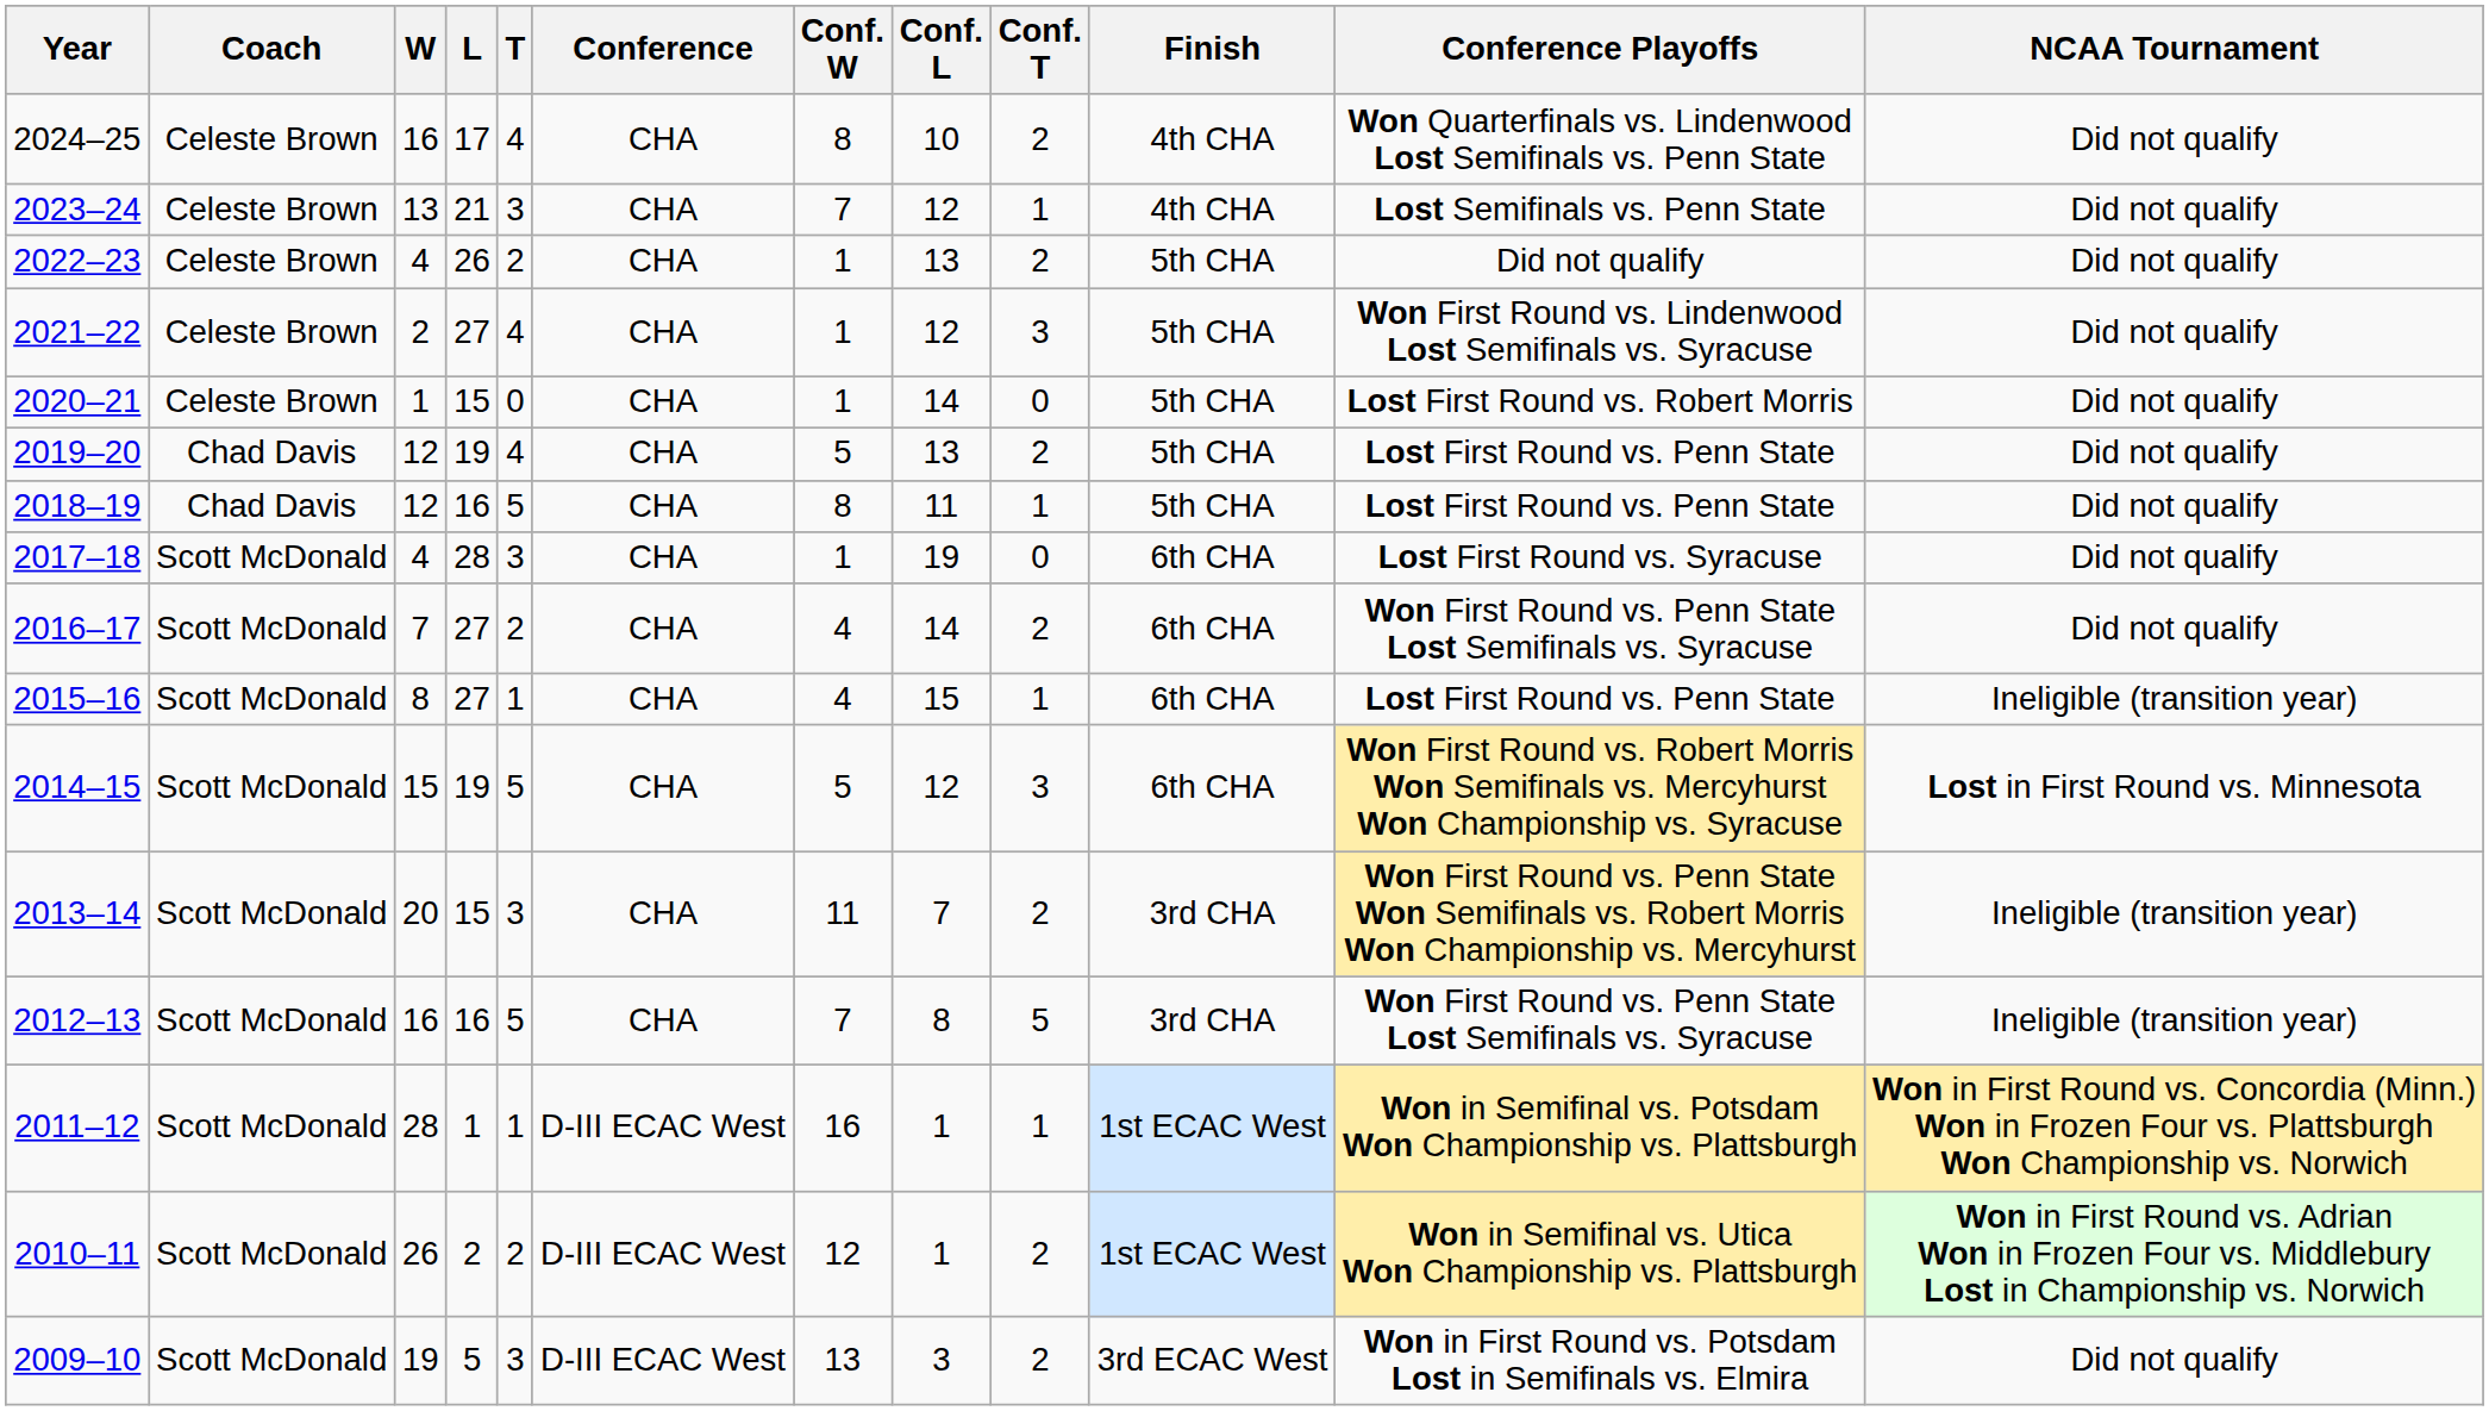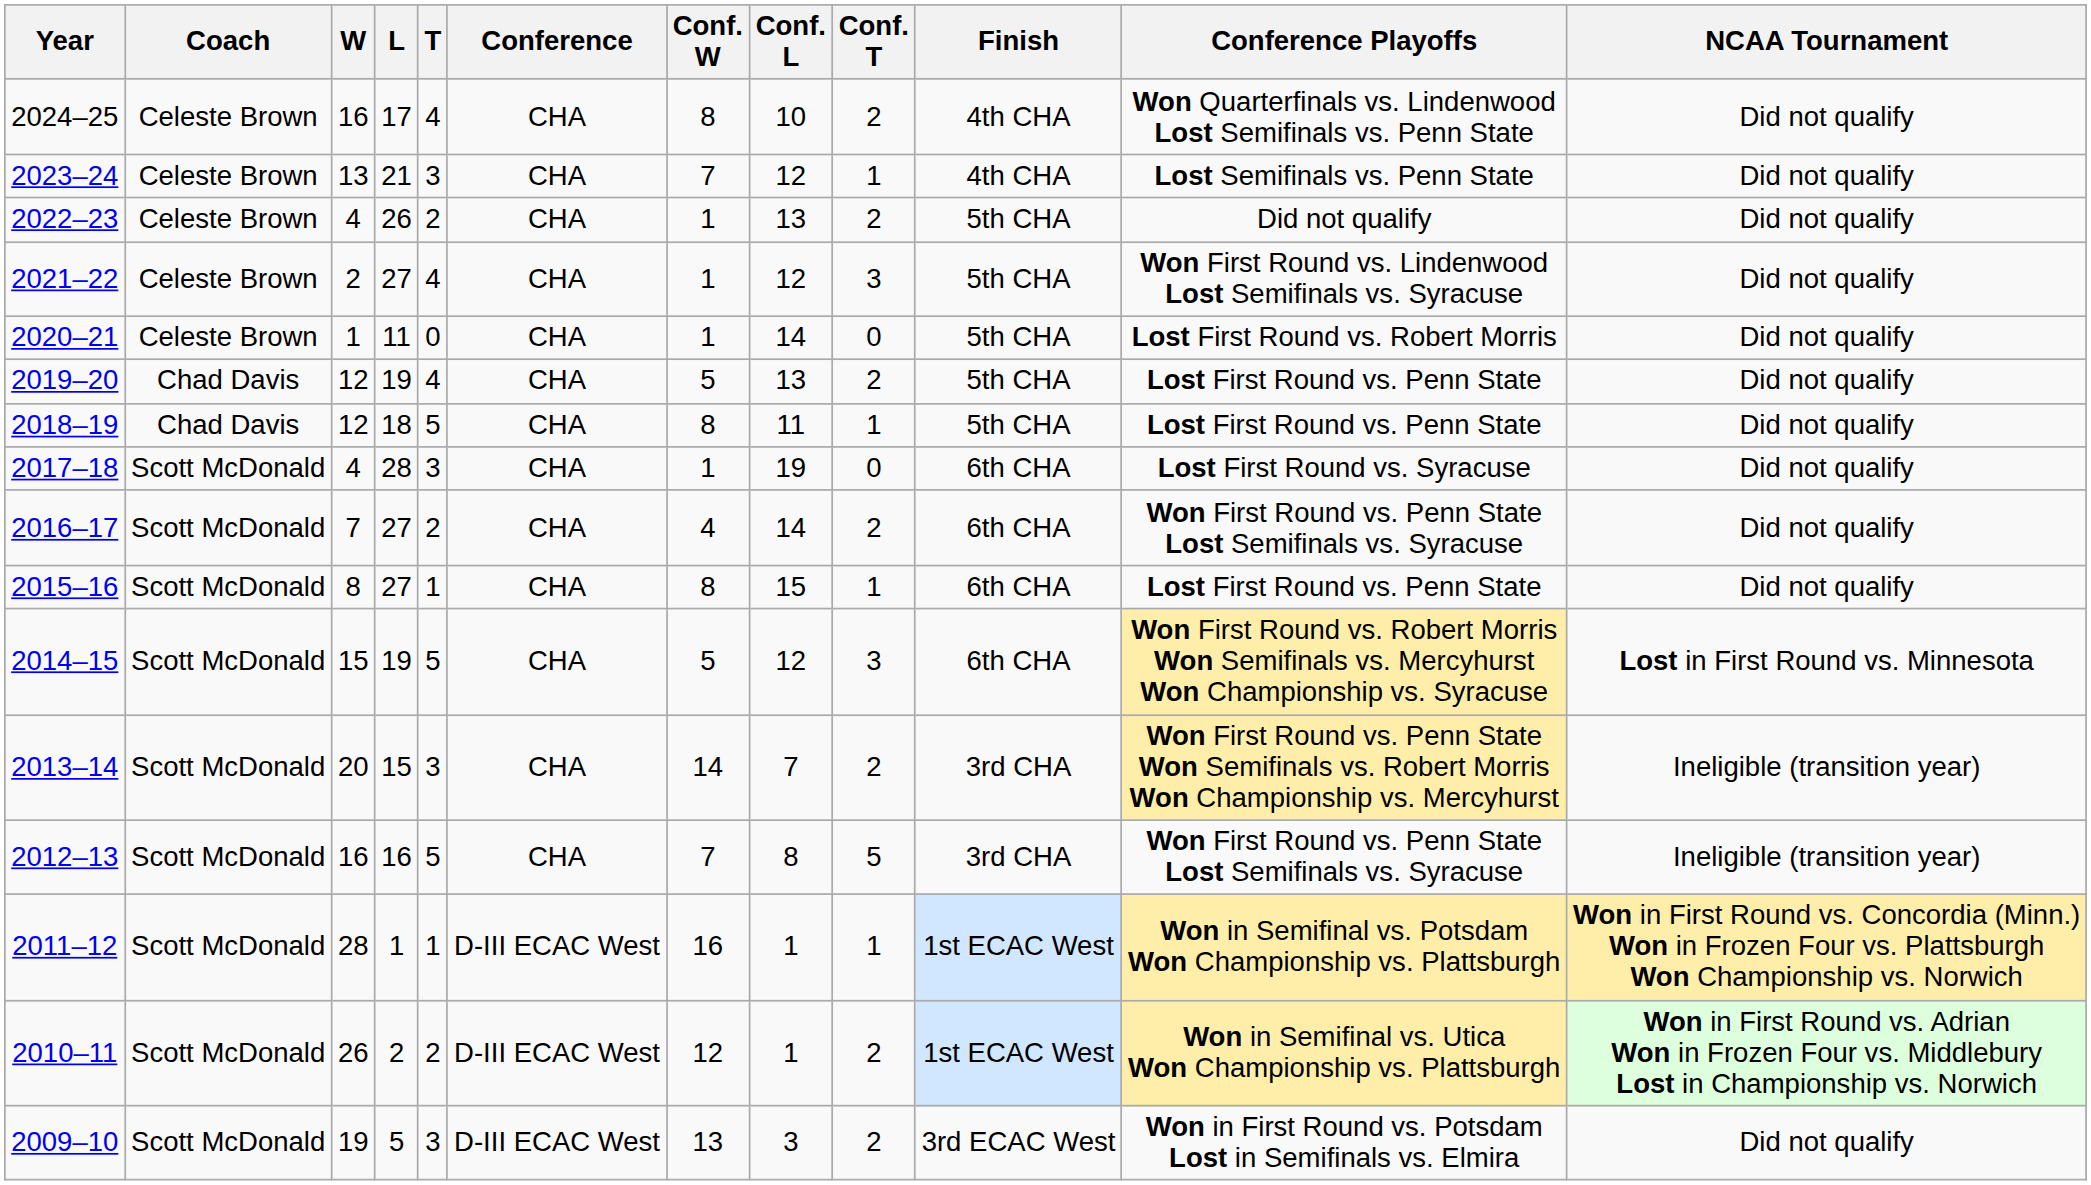 <table class="wikitable" style="text-align:center;">
 <tr align="center">
 <th>Year</th>
 <th>Coach</th>
 <th>W</th>
 <th>L</th>
 <th>T</th>
 <th>Conference</th>
 <th>Conf.<br>W</th>
 <th>Conf.<br>L</th>
 <th>Conf.<br>T</th>
 <th>Finish</th>
 <th>Conference Playoffs</th>
 <th>NCAA Tournament</th>
 </tr>
 <tr>
 <td>2024–25</td>
 <td>Celeste Brown</td>
 <td>16</td>
 <td>17</td>
 <td>4</td>
 <td>CHA</td>
 <td>8</td>
 <td>10</td>
 <td>2</td>
 <td>4th CHA</td>
 <td><strong>Won</strong> Quarterfinals vs. Lindenwood  <br> <strong>Lost</strong> Semifinals vs. Penn State </td>
 <td>Did not qualify</td>
 </tr>
 <tr bgcolor="">
 <td><a href='#'>2023–24</a></td>
 <td>Celeste Brown</td>
 <td>13</td>
 <td>21</td>
 <td>3</td>
 <td>CHA</td>
 <td>7</td>
 <td>12</td>
 <td>1</td>
 <td>4th CHA</td>
 <td><strong>Lost</strong> Semifinals vs. Penn State </td>
 <td>Did not qualify</td>
 </tr>
 <tr bgcolor="">
 <td><a href='#'>2022–23</a></td>
 <td>Celeste Brown</td>
 <td>4</td>
 <td>26</td>
 <td>2</td>
 <td>CHA</td>
 <td>1</td>
 <td>13</td>
 <td>2</td>
 <td>5th CHA</td>
 <td>Did not qualify</td>
 <td>Did not qualify</td>
 </tr>
 <tr bgcolor="">
 <td><a href='#'>2021–22</a></td>
 <td>Celeste Brown</td>
 <td>2</td>
 <td>27</td>
 <td>4</td>
 <td>CHA</td>
 <td>1</td>
 <td>12</td>
 <td>3</td>
 <td>5th CHA</td>
 <td><strong>Won</strong> First Round vs. Lindenwood  <br> <strong>Lost</strong> Semifinals vs. Syracuse </td>
 <td>Did not qualify</td>
 </tr>
 <tr bgcolor="">
 <td><a href='#'>2020–21</a></td>
 <td>Celeste Brown</td>
 <td>1</td>
-<td>15</td>
+<td>11</td>
 <td>0</td>
 <td>CHA</td>
 <td>1</td>
 <td>14</td>
 <td>0</td>
 <td>5th CHA</td>
 <td><strong>Lost</strong> First Round vs. Robert Morris </td>
 <td>Did not qualify</td>
 </tr>
 <tr bgcolor="">
 <td><a href='#'>2019–20</a></td>
 <td>Chad Davis</td>
 <td>12</td>
 <td>19</td>
 <td>4</td>
 <td>CHA</td>
 <td>5</td>
 <td>13</td>
 <td>2</td>
 <td>5th CHA</td>
 <td><strong>Lost</strong> First Round vs. Penn State </td>
 <td>Did not qualify</td>
 </tr>
 <tr bgcolor="">
 <td><a href='#'>2018–19</a></td>
 <td>Chad Davis</td>
 <td>12</td>
-<td>16</td>
+<td>18</td>
 <td>5</td>
 <td>CHA</td>
 <td>8</td>
 <td>11</td>
 <td>1</td>
 <td>5th CHA</td>
 <td><strong>Lost</strong> First Round vs. Penn State </td>
 <td>Did not qualify</td>
 </tr>
 <tr bgcolor="">
 <td><a href='#'>2017–18</a></td>
 <td>Scott McDonald</td>
 <td>4</td>
 <td>28</td>
 <td>3</td>
 <td>CHA</td>
 <td>1</td>
 <td>19</td>
 <td>0</td>
 <td>6th CHA</td>
 <td><strong>Lost</strong> First Round vs. Syracuse </td>
 <td>Did not qualify</td>
 </tr>
 <tr bgcolor="">
 <td><a href='#'>2016–17</a></td>
 <td>Scott McDonald</td>
 <td>7</td>
 <td>27</td>
 <td>2</td>
 <td>CHA</td>
 <td>4</td>
 <td>14</td>
 <td>2</td>
 <td>6th CHA</td>
 <td><strong>Won</strong> First Round vs. Penn State  <br> <strong>Lost</strong> Semifinals vs. Syracuse </td>
 <td>Did not qualify</td>
 </tr>
 <tr bgcolor="">
 <td><a href='#'>2015–16</a></td>
 <td>Scott McDonald</td>
 <td>8</td>
 <td>27</td>
 <td>1</td>
 <td>CHA</td>
-<td>4</td>
+<td>8</td>
 <td>15</td>
 <td>1</td>
 <td>6th CHA</td>
 <td><strong>Lost</strong> First Round vs. Penn State </td>
-<td>Ineligible (transition year)</td>
+<td>Did not qualify</td>
 </tr>
 <tr bgcolor="">
 <td><a href='#'>2014–15</a></td>
 <td>Scott McDonald</td>
 <td>15</td>
 <td>19</td>
 <td>5</td>
 <td>CHA</td>
 <td>5</td>
 <td>12</td>
 <td>3</td>
 <td>6th CHA</td>
 <td style="background: #ffeeaa;"><strong>Won</strong> First Round vs. Robert Morris  <br> <strong>Won</strong> Semifinals vs. Mercyhurst  <br> <strong>Won</strong> Championship vs. Syracuse </td>
 <td><strong>Lost</strong> in First Round vs. Minnesota </td>
 </tr>
 <tr bgcolor="">
 <td><a href='#'>2013–14</a></td>
 <td>Scott McDonald</td>
 <td>20</td>
 <td>15</td>
 <td>3</td>
 <td>CHA</td>
-<td>11</td>
+<td>14</td>
 <td>7</td>
 <td>2</td>
 <td>3rd CHA</td>
 <td style="background: #ffeeaa;"><strong>Won</strong> First Round vs. Penn State  <br>  <strong>Won</strong> Semifinals vs. Robert Morris  <br> <strong>Won</strong> Championship vs. Mercyhurst </td>
 <td>Ineligible (transition year)</td>
 </tr>
 <tr bgcolor="">
 <td><a href='#'>2012–13</a></td>
 <td>Scott McDonald</td>
 <td>16</td>
 <td>16</td>
 <td>5</td>
 <td>CHA</td>
 <td>7</td>
 <td>8</td>
 <td>5</td>
 <td>3rd CHA</td>
 <td><strong>Won</strong> First Round vs. Penn State  <br> <strong>Lost</strong> Semifinals vs. Syracuse </td>
 <td>Ineligible (transition year)</td>
 </tr>
 <tr bgcolor="">
 <td><a href='#'>2011–12</a></td>
 <td>Scott McDonald</td>
 <td>28</td>
 <td>1</td>
 <td>1</td>
 <td>D-III ECAC West</td>
 <td>16</td>
 <td>1</td>
 <td>1</td>
 <td style="background: #d0e7ff;">1st ECAC West</td>
 <td style="background: #ffeeaa;"><strong>Won</strong> in Semifinal vs. Potsdam  <br> <strong>Won</strong> Championship vs. Plattsburgh </td>
 <td style="background: #ffeeaa;"><strong>Won</strong> in First Round vs. Concordia (Minn.)  <br> <strong>Won</strong> in Frozen Four vs. Plattsburgh  <br> <strong>Won</strong> Championship vs. Norwich </td>
 </tr>
 <tr bgcolor="">
 <td><a href='#'>2010–11</a></td>
 <td>Scott McDonald</td>
 <td>26</td>
 <td>2</td>
 <td>2</td>
 <td>D-III ECAC West</td>
 <td>12</td>
 <td>1</td>
 <td>2</td>
 <td style="background: #d0e7ff;">1st ECAC West</td>
 <td style="background: #ffeeaa;"><strong>Won</strong> in Semifinal vs. Utica  <br> <strong>Won</strong> Championship vs. Plattsburgh </td>
 <td style="background: #ddffdd;"><strong>Won</strong> in First Round vs. Adrian  <br> <strong>Won</strong> in Frozen Four vs. Middlebury  <br> <strong>Lost</strong> in Championship vs. Norwich </td>
 </tr>
 <tr bgcolor="">
 <td><a href='#'>2009–10</a></td>
 <td>Scott McDonald</td>
 <td>19</td>
 <td>5</td>
 <td>3</td>
 <td>D-III ECAC West</td>
 <td>13</td>
 <td>3</td>
 <td>2</td>
 <td>3rd ECAC West</td>
 <td><strong>Won</strong> in First Round vs. Potsdam  <br> <strong>Lost</strong> in Semifinals vs. Elmira </td>
 <td>Did not qualify</td>
 </tr>
 </table>
